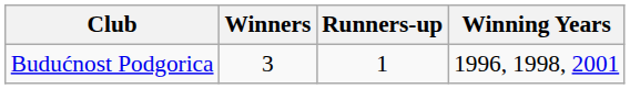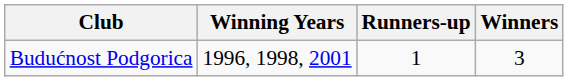 <table class="wikitable" style="font-size:90%">
 <tr>
 <th>Club</th>
+<th>Winning Years</th>
+<th>Runners-up</th>
 <th>Winners</th>
-<th>Runners-up</th>
-<th>Winning Years</th>
 </tr>
 <tr>
 <td><a href='#'>Budućnost Podgorica</a></td>
+<td>1996, 1998, <a href='#'>2001</a></td>
+<td style="text-align:center;">1</td>
 <td style="text-align:center;">3</td>
-<td style="text-align:center;">1</td>
-<td>1996, 1998, <a href='#'>2001</a></td>
 </tr>
 </table>
